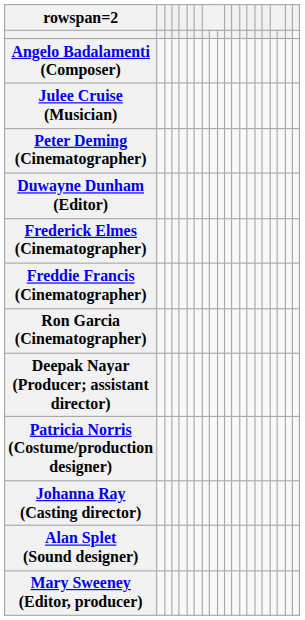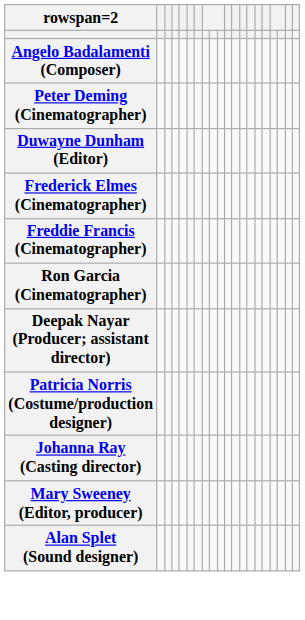 <table class="wikitable plainrowheaders" style="text-align:center;font-size:85%">
 <tr>
 <th>rowspan=2 </th>
 <th></th>
 <th></th>
 <th></th>
 <th></th>
 <th></th>
 <th></th>
 <th colspan=3></th>
 <th></th>
 <th></th>
 <th></th>
 <th></th>
 <th></th>
 <th></th>
 <th colspan=2></th>
 <th></th>
 <th></th>
 </tr>
 <tr>
 <th></th>
 <th></th>
 <th></th>
 <th></th>
 <th></th>
 <th></th>
 <th></th>
 <th></th>
 <th></th>
 <th></th>
 <th></th>
 <th></th>
 <th></th>
 <th></th>
 <th></th>
 <th></th>
 <th></th>
 <th></th>
 <th></th>
 </tr>
 <tr>
 <th scope="row"><a href='#'>Angelo Badalamenti</a><br>(Composer)</th>
-<td></td>
-<td></td>
-<td></td>
-<td></td>
-<td></td>
-<td></td>
-<td></td>
-<td></td>
-<td></td>
-<td></td>
-<td></td>
-<td></td>
-<td></td>
-<td></td>
-<td></td>
-<td></td>
-<td></td>
-<td></td>
-<td></td>
-</tr>
-<tr>
-<th scope="row"><a href='#'>Julee Cruise</a><br>(Musician)</th>
 <td></td>
 <td></td>
 <td></td>
 <td></td>
 <td></td>
 <td></td>
 <td></td>
 <td></td>
 <td></td>
 <td></td>
 <td></td>
 <td></td>
 <td></td>
 <td></td>
 <td></td>
 <td></td>
 <td></td>
 <td></td>
 <td></td>
 </tr>
 <tr>
 <th scope="row"><a href='#'>Peter Deming</a><br>(Cinematographer)</th>
 <td></td>
 <td></td>
 <td></td>
 <td></td>
 <td></td>
 <td></td>
 <td></td>
 <td></td>
 <td></td>
 <td></td>
 <td></td>
 <td></td>
 <td></td>
 <td></td>
 <td></td>
 <td></td>
 <td></td>
 <td></td>
 <td></td>
 </tr>
 <tr>
 <th scope="row"><a href='#'>Duwayne Dunham</a><br>(Editor)</th>
 <td></td>
 <td></td>
 <td></td>
 <td></td>
 <td></td>
 <td></td>
 <td></td>
 <td></td>
 <td></td>
 <td></td>
 <td></td>
 <td></td>
 <td></td>
 <td></td>
 <td></td>
 <td></td>
 <td></td>
 <td></td>
 <td></td>
 </tr>
 <tr>
 <th scope="row"><a href='#'>Frederick Elmes</a><br>(Cinematographer)</th>
 <td></td>
 <td></td>
 <td></td>
 <td></td>
 <td></td>
 <td></td>
 <td></td>
 <td></td>
 <td></td>
 <td></td>
 <td></td>
 <td></td>
 <td></td>
 <td></td>
 <td></td>
 <td></td>
 <td></td>
 <td></td>
 <td></td>
 </tr>
 <tr>
 <th scope="row"><a href='#'>Freddie Francis</a><br>(Cinematographer)</th>
 <td></td>
 <td></td>
 <td></td>
 <td></td>
 <td></td>
 <td></td>
 <td></td>
 <td></td>
 <td></td>
 <td></td>
 <td></td>
 <td></td>
 <td></td>
 <td></td>
 <td></td>
 <td></td>
 <td></td>
 <td></td>
 <td></td>
 </tr>
 <tr>
 <th scope="row">Ron Garcia<br>(Cinematographer)</th>
 <td></td>
 <td></td>
 <td></td>
 <td></td>
 <td></td>
 <td></td>
 <td></td>
 <td></td>
 <td></td>
 <td></td>
 <td></td>
 <td></td>
 <td></td>
 <td></td>
 <td></td>
 <td></td>
 <td></td>
 <td></td>
 <td></td>
 </tr>
 <tr>
 <th scope="row">Deepak Nayar<br>(Producer; assistant <br>director)</th>
 <td></td>
 <td></td>
 <td></td>
 <td></td>
 <td></td>
 <td></td>
 <td></td>
 <td></td>
 <td></td>
 <td></td>
 <td></td>
 <td></td>
 <td></td>
 <td></td>
 <td></td>
 <td></td>
 <td></td>
 <td></td>
 <td></td>
 </tr>
 <tr>
 <th scope="row"><a href='#'>Patricia Norris</a><br>(Costume/production <br>designer)</th>
 <td></td>
 <td></td>
 <td></td>
 <td></td>
 <td></td>
 <td></td>
 <td></td>
 <td></td>
 <td></td>
 <td></td>
 <td></td>
 <td></td>
 <td></td>
 <td></td>
 <td></td>
 <td></td>
 <td></td>
 <td></td>
 <td></td>
 </tr>
 <tr>
 <th scope="row"><a href='#'>Johanna Ray</a><br>(Casting director)</th>
 <td></td>
 <td></td>
 <td></td>
 <td></td>
 <td></td>
 <td></td>
 <td></td>
 <td></td>
 <td></td>
 <td></td>
 <td></td>
 <td></td>
 <td></td>
 <td></td>
 <td></td>
 <td></td>
 <td></td>
 <td></td>
 <td></td>
 </tr>
 <tr>
+<th scope="row"><a href='#'>Mary Sweeney</a><br>(Editor, producer)</th>
+<td></td>
+<td></td>
+<td></td>
+<td></td>
+<td></td>
+<td></td>
+<td></td>
+<td></td>
+<td></td>
+<td></td>
+<td></td>
+<td></td>
+<td></td>
+<td></td>
+<td></td>
+<td></td>
+<td></td>
+<td></td>
+<td></td>
+</tr>
+<tr>
 <th scope="row"><a href='#'>Alan Splet</a><br>(Sound designer)</th>
 <td></td>
 <td></td>
 <td></td>
 <td></td>
 <td></td>
 <td></td>
 <td></td>
 <td></td>
 <td></td>
 <td></td>
 <td></td>
 <td></td>
 <td></td>
 <td></td>
 <td></td>
 <td></td>
 <td></td>
 <td></td>
 <td></td>
 </tr>
-<tr>
-<th scope="row"><a href='#'>Mary Sweeney</a><br>(Editor, producer)</th>
-<td></td>
-<td></td>
-<td></td>
-<td></td>
-<td></td>
-<td></td>
-<td></td>
-<td></td>
-<td></td>
-<td></td>
-<td></td>
-<td></td>
-<td></td>
-<td></td>
-<td></td>
-<td></td>
-<td></td>
-<td></td>
-<td></td>
-</tr>
 </table>
